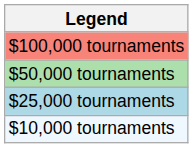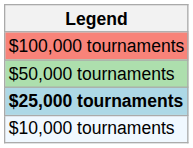 <table class="wikitable" style="font-size:85%">
 <tr>
 <th>Legend</th>
 </tr>
 <tr bgcolor=f88379>
 <td>$100,000 tournaments</td>
 </tr>
 <tr bgcolor="#ADDFAD">
 <td>$50,000 tournaments</td>
 </tr>
 <tr bgcolor="lightblue">
-<td>$25,000 tournaments</td>
+<td><strong>$25,000 tournaments</strong></td>
 </tr>
 <tr bgcolor="#f0f8ff">
 <td>$10,000 tournaments</td>
 </tr>
 </table>
